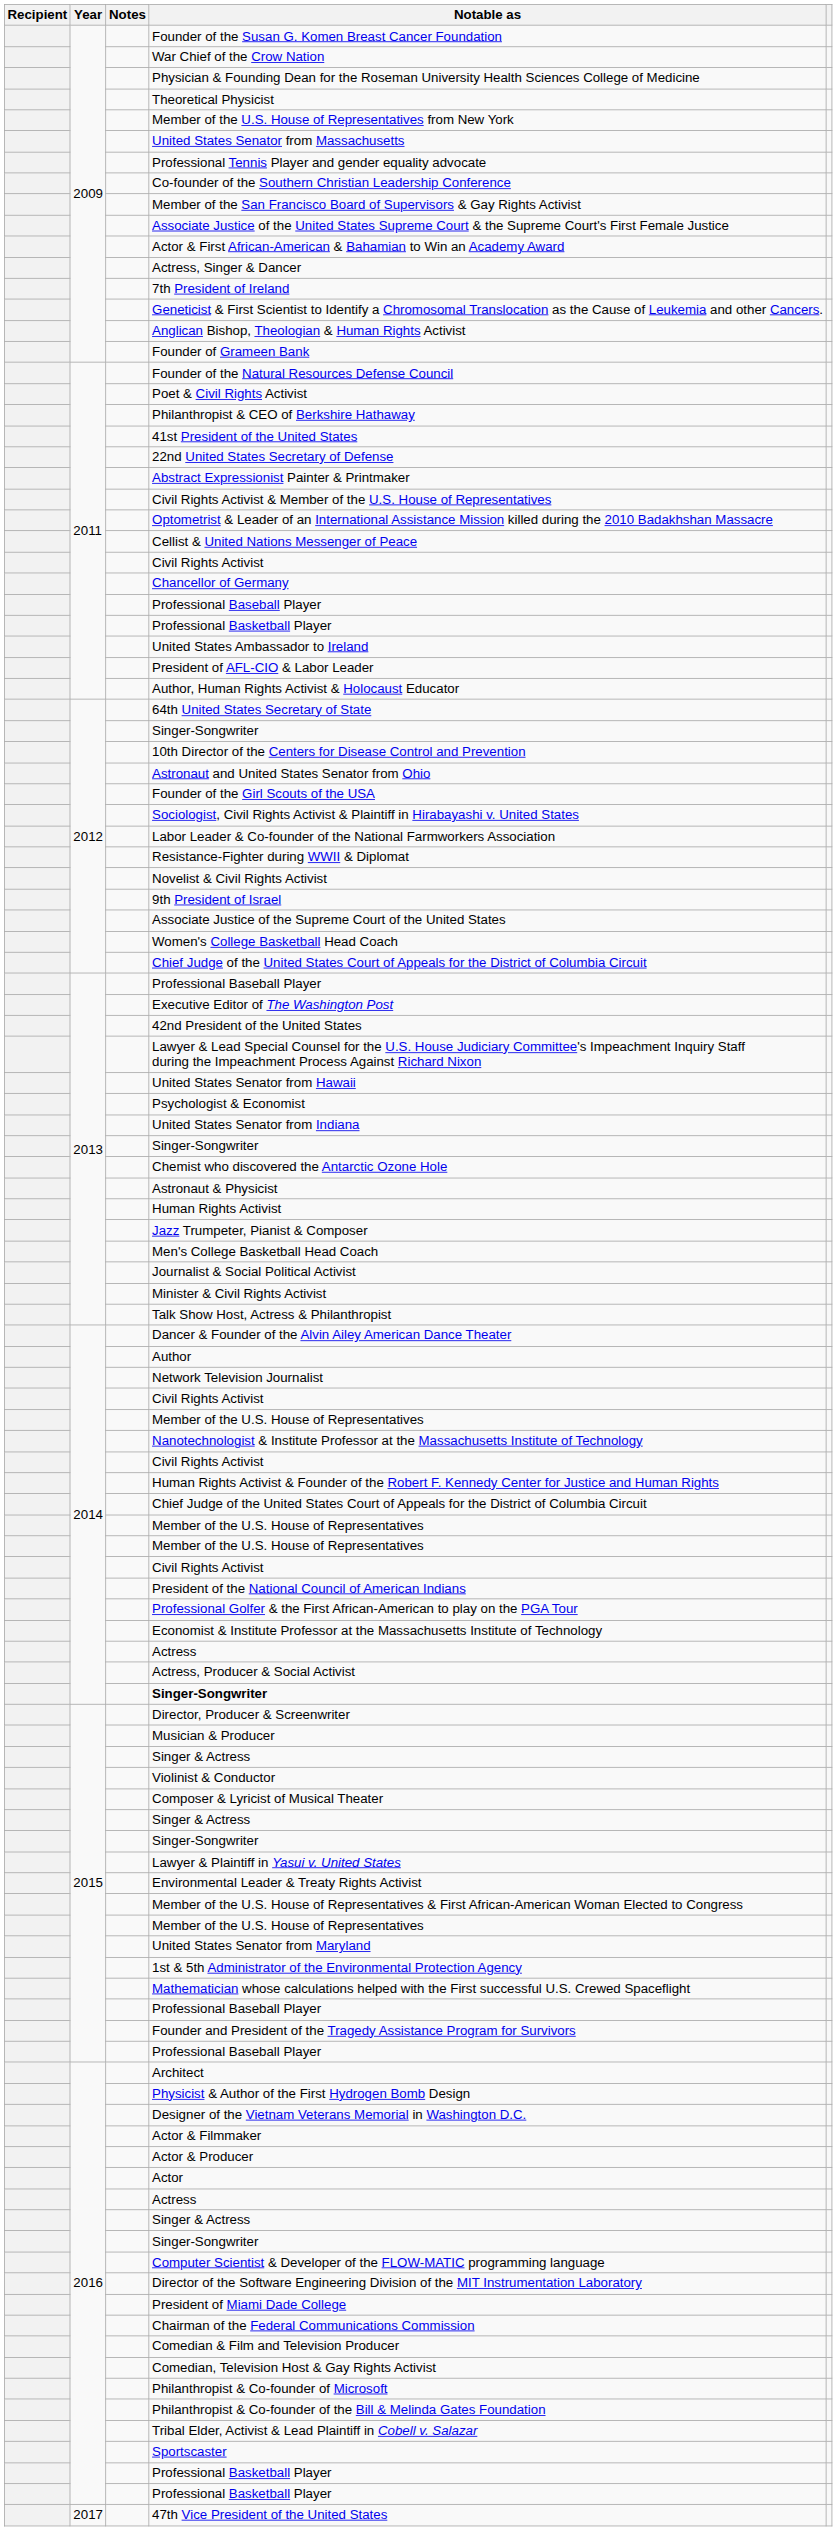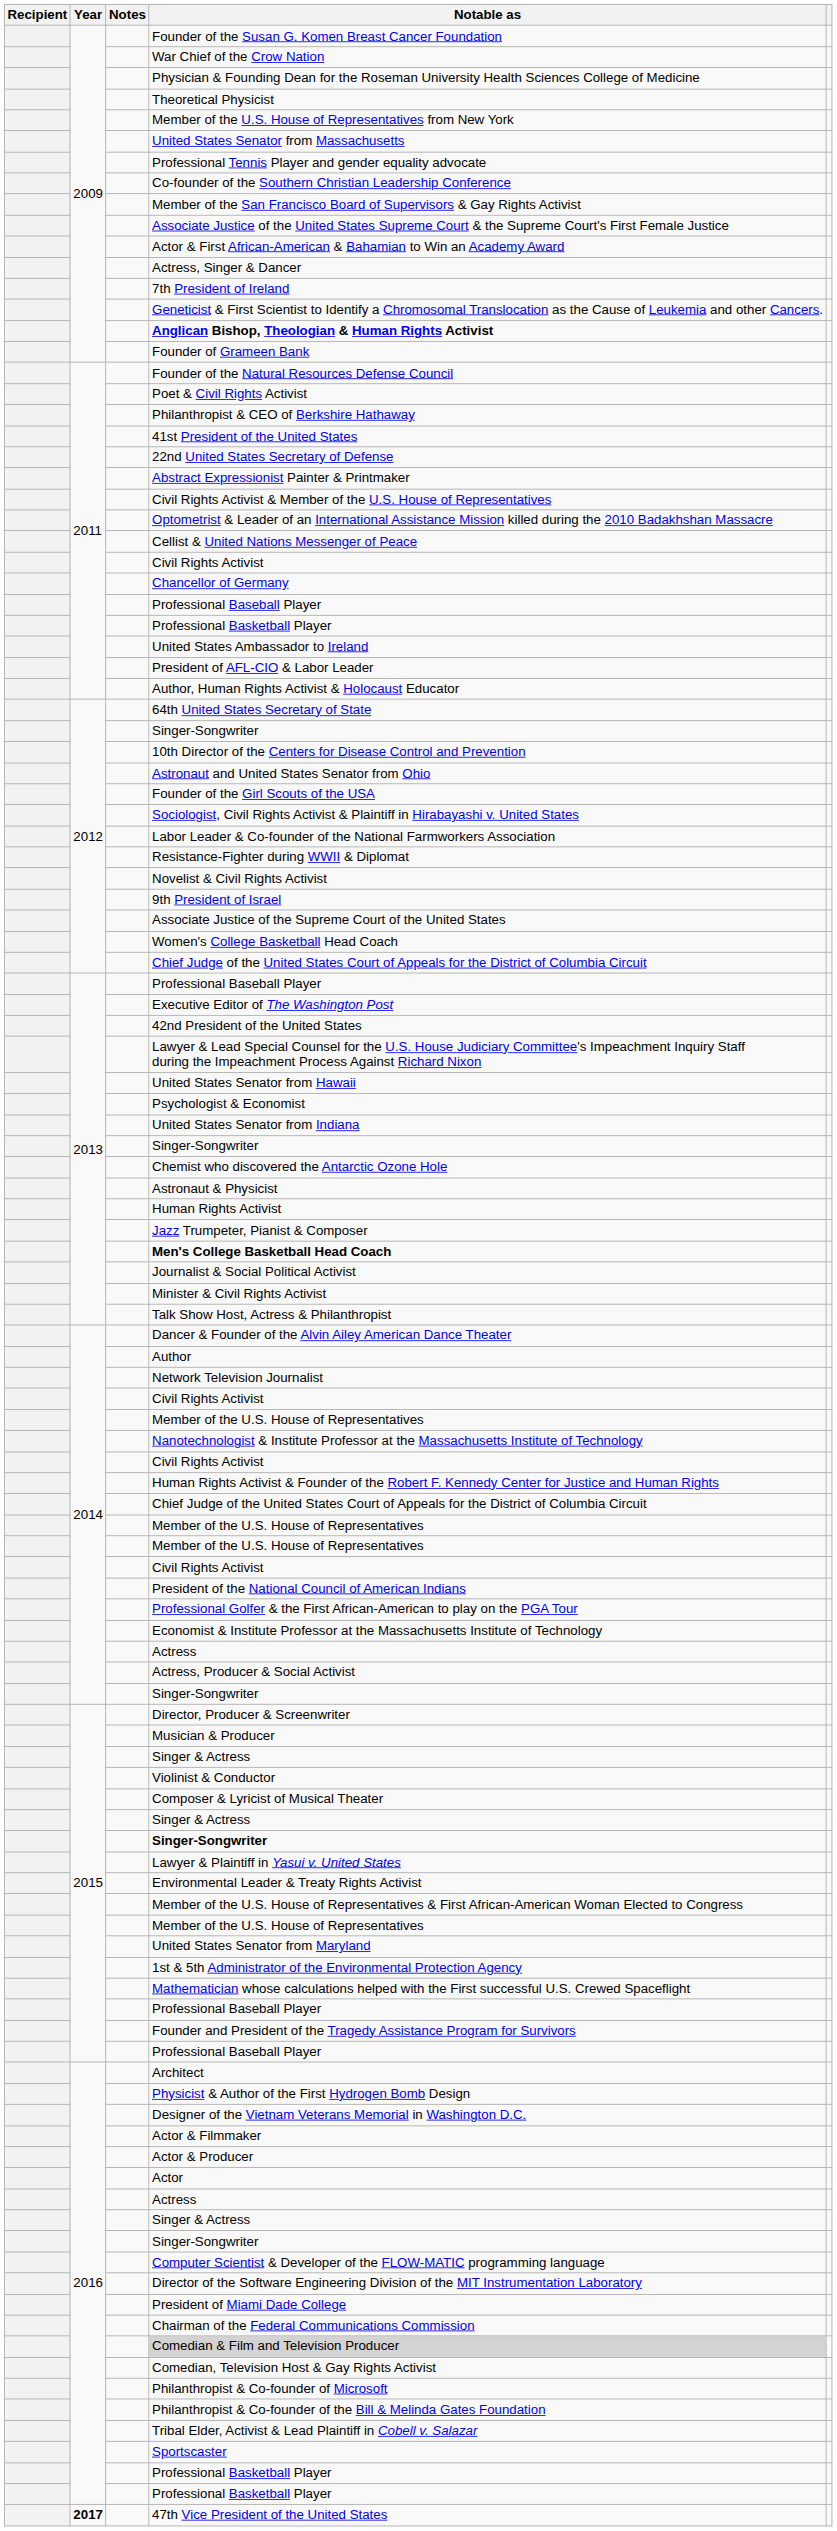 <table class="wikitable sortable plainrowheaders">
 <tr>
 <th>Recipient</th>
 <th>Year</th>
 <th>Notes</th>
 <th>Notable as</th>
 <th class="unsortable"></th>
 </tr>
 <tr>
 <th scope="row"></th>
 <td rowspan="16">2009</td>
 <td></td>
 <td>Founder of the <a href='#'>Susan G. Komen Breast Cancer Foundation</a></td>
 <td></td>
 </tr>
 <tr>
 <th scope="row"></th>
 <td></td>
 <td>War Chief of the <a href='#'>Crow Nation</a></td>
 <td></td>
 </tr>
 <tr>
 <th scope="row"></th>
 <td></td>
 <td>Physician & Founding Dean for the Roseman University Health Sciences College of Medicine</td>
 <td></td>
 </tr>
 <tr>
 <th scope="row"></th>
 <td></td>
 <td>Theoretical Physicist</td>
 <td></td>
 </tr>
 <tr>
 <th scope="row"></th>
 <td></td>
 <td>Member of the <a href='#'>U.S. House of Representatives</a> from New York</td>
 <td></td>
 </tr>
 <tr>
 <th scope="row"></th>
 <td></td>
 <td><a href='#'>United States Senator</a> from <a href='#'>Massachusetts</a></td>
 <td></td>
 </tr>
 <tr>
 <th scope="row"></th>
 <td></td>
 <td>Professional <a href='#'>Tennis</a> Player and gender equality advocate</td>
 <td></td>
 </tr>
 <tr>
 <th scope="row"></th>
 <td></td>
 <td>Co-founder of the <a href='#'>Southern Christian Leadership Conference</a></td>
 <td></td>
 </tr>
 <tr>
 <th scope="row"></th>
 <td></td>
 <td>Member of the <a href='#'>San Francisco Board of Supervisors</a> & Gay Rights Activist</td>
 <td></td>
 </tr>
 <tr>
 <th scope="row"></th>
 <td></td>
 <td><a href='#'>Associate Justice</a> of the <a href='#'>United States Supreme Court</a> & the Supreme Court's First Female Justice</td>
 <td></td>
 </tr>
 <tr>
 <th scope="row"></th>
 <td></td>
 <td>Actor & First <a href='#'>African-American</a> & <a href='#'>Bahamian</a> to Win an <a href='#'>Academy Award</a></td>
 <td></td>
 </tr>
 <tr>
 <th scope="row"></th>
 <td></td>
 <td>Actress, Singer & Dancer</td>
 <td></td>
 </tr>
 <tr>
 <th scope="row"></th>
 <td></td>
 <td>7th <a href='#'>President of Ireland</a></td>
 <td></td>
 </tr>
 <tr>
 <th scope="row"></th>
 <td></td>
 <td><a href='#'>Geneticist</a> & First Scientist to Identify a <a href='#'>Chromosomal Translocation</a> as the Cause of <a href='#'>Leukemia</a> and other <a href='#'>Cancers</a>.</td>
 <td></td>
 </tr>
 <tr>
 <th scope="row"></th>
 <td></td>
-<td><a href='#'>Anglican</a> Bishop, <a href='#'>Theologian</a> & <a href='#'>Human Rights</a> Activist</td>
+<td><strong><a href='#'>Anglican</a> Bishop, <a href='#'>Theologian</a> & <a href='#'>Human Rights</a> Activist</strong></td>
 <td></td>
 </tr>
 <tr>
 <th scope="row"></th>
 <td></td>
 <td>Founder of <a href='#'>Grameen Bank</a></td>
 <td></td>
 </tr>
 <tr>
 <th scope="row"></th>
 <td rowspan="16">2011</td>
 <td></td>
 <td>Founder of the <a href='#'>Natural Resources Defense Council</a></td>
 <td></td>
 </tr>
 <tr>
 <th scope="row"></th>
 <td></td>
 <td>Poet & <a href='#'>Civil Rights</a> Activist</td>
 <td></td>
 </tr>
 <tr>
 <th scope="row"></th>
 <td></td>
 <td>Philanthropist & CEO of <a href='#'>Berkshire Hathaway</a></td>
 <td></td>
 </tr>
 <tr>
 <th scope="row"></th>
 <td></td>
 <td>41st <a href='#'>President of the United States</a></td>
 <td></td>
 </tr>
 <tr>
 <th scope="row"></th>
 <td></td>
 <td>22nd <a href='#'>United States Secretary of Defense</a></td>
 <td></td>
 </tr>
 <tr>
 <th scope="row"></th>
 <td></td>
 <td><a href='#'>Abstract Expressionist</a> Painter & Printmaker</td>
 <td></td>
 </tr>
 <tr>
 <th scope="row"></th>
 <td></td>
 <td>Civil Rights Activist & Member of the <a href='#'>U.S. House of Representatives</a></td>
 <td></td>
 </tr>
 <tr>
 <th scope="row"></th>
 <td></td>
 <td><a href='#'>Optometrist</a> & Leader of an <a href='#'>International Assistance Mission</a> killed during the <a href='#'>2010 Badakhshan Massacre</a></td>
 <td></td>
 </tr>
 <tr>
 <th scope="row"></th>
 <td></td>
 <td>Cellist & <a href='#'>United Nations Messenger of Peace</a></td>
 <td></td>
 </tr>
 <tr>
 <th scope="row"></th>
 <td></td>
 <td>Civil Rights Activist</td>
 <td></td>
 </tr>
 <tr>
 <th scope="row"></th>
 <td></td>
 <td><a href='#'>Chancellor of Germany</a></td>
 <td></td>
 </tr>
 <tr>
 <th scope="row"></th>
 <td></td>
 <td>Professional <a href='#'>Baseball</a> Player</td>
 <td></td>
 </tr>
 <tr>
 <th scope="row"></th>
 <td></td>
 <td>Professional <a href='#'>Basketball</a> Player</td>
 <td></td>
 </tr>
 <tr>
 <th scope="row"></th>
 <td></td>
 <td>United States Ambassador to <a href='#'>Ireland</a></td>
 <td></td>
 </tr>
 <tr>
 <th scope="row"></th>
 <td></td>
 <td>President of <a href='#'>AFL-CIO</a> & Labor Leader</td>
 <td></td>
 </tr>
 <tr>
 <th scope="row"></th>
 <td></td>
 <td>Author, Human Rights Activist & <a href='#'>Holocaust</a> Educator</td>
 <td></td>
 </tr>
 <tr>
 <th scope="row"></th>
 <td rowspan="13">2012</td>
 <td></td>
 <td>64th <a href='#'>United States Secretary of State</a></td>
 <td></td>
 </tr>
 <tr>
 <th scope="row"></th>
 <td></td>
 <td>Singer-Songwriter</td>
 <td></td>
 </tr>
 <tr>
 <th scope="row"></th>
 <td></td>
 <td>10th Director of the <a href='#'>Centers for Disease Control and Prevention</a></td>
 <td></td>
 </tr>
 <tr>
 <th scope="row"></th>
 <td></td>
 <td><a href='#'>Astronaut</a> and United States Senator from <a href='#'>Ohio</a></td>
 <td></td>
 </tr>
 <tr>
 <th scope="row"></th>
 <td></td>
 <td>Founder of the <a href='#'>Girl Scouts of the USA</a></td>
 <td></td>
 </tr>
 <tr>
 <th scope="row"></th>
 <td></td>
 <td><a href='#'>Sociologist</a>, Civil Rights Activist & Plaintiff in <a href='#'>Hirabayashi v. United States</a></td>
 <td></td>
 </tr>
 <tr>
 <th scope="row"></th>
 <td></td>
 <td>Labor Leader & Co-founder of the National Farmworkers Association</td>
 <td></td>
 </tr>
 <tr>
 <th scope="row"></th>
 <td></td>
 <td>Resistance-Fighter during <a href='#'>WWII</a> & Diplomat</td>
 <td></td>
 </tr>
 <tr>
 <th scope="row"></th>
 <td></td>
 <td>Novelist & Civil Rights Activist</td>
 <td></td>
 </tr>
 <tr>
 <th scope="row"></th>
 <td></td>
 <td>9th <a href='#'>President of Israel</a></td>
 <td></td>
 </tr>
 <tr>
 <th scope="row"></th>
 <td></td>
 <td>Associate Justice of the Supreme Court of the United States</td>
 <td></td>
 </tr>
 <tr>
 <th scope="row"></th>
 <td></td>
 <td>Women's <a href='#'>College Basketball</a> Head Coach</td>
 <td></td>
 </tr>
 <tr>
 <th scope="row"></th>
 <td></td>
 <td><a href='#'>Chief Judge</a> of the <a href='#'>United States Court of Appeals for the District of Columbia Circuit</a></td>
 <td></td>
 </tr>
 <tr>
 <th scope="row"></th>
 <td rowspan="16">2013</td>
 <td></td>
 <td>Professional Baseball Player</td>
 <td></td>
 </tr>
 <tr>
 <th scope="row"></th>
 <td></td>
 <td>Executive Editor of <em><a href='#'>The Washington Post</a></em></td>
 <td></td>
 </tr>
 <tr>
 <th scope="row"></th>
 <td></td>
 <td>42nd President of the United States</td>
 <td></td>
 </tr>
 <tr>
 <th scope="row"></th>
 <td></td>
 <td>Lawyer & Lead Special Counsel for the <a href='#'>U.S. House Judiciary Committee</a>'s Impeachment Inquiry Staff <br> during the Impeachment Process Against <a href='#'>Richard Nixon</a></td>
 <td></td>
 </tr>
 <tr>
 <th scope="row"></th>
 <td></td>
 <td>United States Senator from <a href='#'>Hawaii</a></td>
 <td></td>
 </tr>
 <tr>
 <th scope="row"></th>
 <td></td>
 <td>Psychologist & Economist</td>
 <td></td>
 </tr>
 <tr>
 <th scope="row"></th>
 <td></td>
 <td>United States Senator from <a href='#'>Indiana</a></td>
 <td></td>
 </tr>
 <tr>
 <th scope="row"></th>
 <td></td>
 <td>Singer-Songwriter</td>
 <td></td>
 </tr>
 <tr>
 <th scope="row"></th>
 <td></td>
 <td>Chemist who discovered the <a href='#'>Antarctic Ozone Hole</a></td>
 <td></td>
 </tr>
 <tr>
 <th scope="row"></th>
 <td></td>
 <td>Astronaut & Physicist</td>
 <td></td>
 </tr>
 <tr>
 <th scope="row"></th>
 <td></td>
 <td>Human Rights Activist</td>
 <td></td>
 </tr>
 <tr>
 <th scope="row"></th>
 <td></td>
 <td><a href='#'>Jazz</a> Trumpeter, Pianist & Composer</td>
 <td></td>
 </tr>
 <tr>
 <th scope="row"></th>
 <td></td>
-<td>Men's College Basketball Head Coach</td>
+<td><strong>Men's College Basketball Head Coach</strong></td>
 <td></td>
 </tr>
 <tr>
 <th scope="row"></th>
 <td></td>
 <td>Journalist & Social Political Activist</td>
 <td></td>
 </tr>
 <tr>
 <th scope="row"></th>
 <td></td>
 <td>Minister & Civil Rights Activist</td>
 <td></td>
 </tr>
 <tr>
 <th scope="row"></th>
 <td></td>
 <td>Talk Show Host, Actress & Philanthropist</td>
 <td></td>
 </tr>
 <tr>
 <th scope="row"></th>
 <td rowspan="18">2014</td>
 <td></td>
 <td>Dancer & Founder of the <a href='#'>Alvin Ailey American Dance Theater</a></td>
 <td></td>
 </tr>
 <tr>
 <th scope="row"></th>
 <td></td>
 <td>Author</td>
 <td></td>
 </tr>
 <tr>
 <th scope="row"></th>
 <td></td>
 <td>Network Television Journalist</td>
 <td></td>
 </tr>
 <tr>
 <th scope="row"></th>
 <td></td>
 <td>Civil Rights Activist</td>
 <td></td>
 </tr>
 <tr>
 <th scope="row"></th>
 <td></td>
 <td>Member of the U.S. House of Representatives</td>
 <td></td>
 </tr>
 <tr>
 <th scope="row"></th>
 <td></td>
 <td><a href='#'>Nanotechnologist</a> & Institute Professor at the <a href='#'>Massachusetts Institute of Technology</a></td>
 <td></td>
 </tr>
 <tr>
 <th scope="row"></th>
 <td></td>
 <td>Civil Rights Activist</td>
 <td></td>
 </tr>
 <tr>
 <th scope="row"></th>
 <td></td>
 <td>Human Rights Activist & Founder of the <a href='#'>Robert F. Kennedy Center for Justice and Human Rights</a></td>
 <td></td>
 </tr>
 <tr>
 <th scope="row"></th>
 <td></td>
 <td>Chief Judge of the United States Court of Appeals for the District of Columbia Circuit</td>
 <td></td>
 </tr>
 <tr>
 <th scope="row"></th>
 <td></td>
 <td>Member of the U.S. House of Representatives</td>
 <td></td>
 </tr>
 <tr>
 <th scope="row"></th>
 <td></td>
 <td>Member of the U.S. House of Representatives</td>
 <td></td>
 </tr>
 <tr>
 <th scope="row"></th>
 <td></td>
 <td>Civil Rights Activist</td>
 <td></td>
 </tr>
 <tr>
 <th scope="row"></th>
 <td></td>
 <td>President of the <a href='#'>National Council of American Indians</a></td>
 <td></td>
 </tr>
 <tr>
 <th scope="row"></th>
 <td></td>
 <td><a href='#'>Professional Golfer</a> & the First African-American to play on the <a href='#'>PGA Tour</a></td>
 <td></td>
 </tr>
 <tr>
 <th scope="row"></th>
 <td></td>
 <td>Economist & Institute Professor at the Massachusetts Institute of Technology</td>
 <td></td>
 </tr>
 <tr>
 <th scope="row"></th>
 <td></td>
 <td>Actress</td>
 <td></td>
 </tr>
 <tr>
 <th scope="row"></th>
 <td></td>
 <td>Actress, Producer & Social Activist</td>
 <td></td>
 </tr>
 <tr>
 <th scope="row"></th>
 <td></td>
-<td><strong>Singer-Songwriter</strong></td>
+<td>Singer-Songwriter</td>
 <td></td>
 </tr>
 <tr>
 <th scope="row"></th>
 <td rowspan="17">2015</td>
 <td></td>
 <td>Director, Producer & Screenwriter</td>
 <td></td>
 </tr>
 <tr>
 <th scope="row"></th>
 <td></td>
 <td>Musician & Producer</td>
 <td></td>
 </tr>
 <tr>
 <th scope="row"></th>
 <td></td>
 <td>Singer & Actress</td>
 <td></td>
 </tr>
 <tr>
 <th scope="row"></th>
 <td></td>
 <td>Violinist & Conductor</td>
 <td></td>
 </tr>
 <tr>
 <th scope="row"></th>
 <td></td>
 <td>Composer & Lyricist of Musical Theater</td>
 <td></td>
 </tr>
 <tr>
 <th scope="row"></th>
 <td></td>
 <td>Singer & Actress</td>
 <td></td>
 </tr>
 <tr>
 <th scope="row"></th>
 <td></td>
-<td>Singer-Songwriter</td>
+<td><strong>Singer-Songwriter</strong></td>
 <td></td>
 </tr>
 <tr>
 <th scope="row"></th>
 <td></td>
 <td>Lawyer & Plaintiff in <em><a href='#'>Yasui v. United States</a></em></td>
 <td></td>
 </tr>
 <tr>
 <th scope="row"></th>
 <td></td>
 <td>Environmental Leader & Treaty Rights Activist</td>
 <td></td>
 </tr>
 <tr>
 <th scope="row"></th>
 <td></td>
 <td>Member of the U.S. House of Representatives & First African-American Woman Elected to Congress</td>
 <td></td>
 </tr>
 <tr>
 <th scope="row"></th>
 <td></td>
 <td>Member of the U.S. House of Representatives</td>
 <td></td>
 </tr>
 <tr>
 <th scope="row"></th>
 <td></td>
 <td>United States Senator from <a href='#'>Maryland</a></td>
 <td></td>
 </tr>
 <tr>
 <th scope="row"></th>
 <td></td>
 <td>1st & 5th <a href='#'>Administrator of the Environmental Protection Agency</a></td>
 <td></td>
 </tr>
 <tr>
 <th scope="row"></th>
 <td></td>
 <td><a href='#'>Mathematician</a> whose calculations helped with the First successful U.S. Crewed Spaceflight</td>
 <td></td>
 </tr>
 <tr>
 <th scope="row"></th>
 <td></td>
 <td>Professional Baseball Player</td>
 <td></td>
 </tr>
 <tr>
 <th scope="row"></th>
 <td></td>
 <td>Founder and President of the <a href='#'>Tragedy Assistance Program for Survivors</a></td>
 <td></td>
 </tr>
 <tr>
 <th scope="row"></th>
 <td></td>
 <td>Professional Baseball Player</td>
 <td></td>
 </tr>
 <tr>
 <th scope="row"></th>
 <td rowspan="21">2016</td>
 <td></td>
 <td>Architect</td>
 <td></td>
 </tr>
 <tr>
 <th scope="row"></th>
 <td></td>
 <td><a href='#'>Physicist</a> & Author of the First <a href='#'>Hydrogen Bomb</a> Design</td>
 <td></td>
 </tr>
 <tr>
 <th scope="row"></th>
 <td></td>
 <td>Designer of the <a href='#'>Vietnam Veterans Memorial</a> in <a href='#'>Washington D.C.</a></td>
 <td></td>
 </tr>
 <tr>
 <th scope="row"></th>
 <td></td>
 <td>Actor & Filmmaker</td>
 <td></td>
 </tr>
 <tr>
 <th scope="row"></th>
 <td></td>
 <td>Actor & Producer</td>
 <td></td>
 </tr>
 <tr>
 <th scope="row"></th>
 <td></td>
 <td>Actor</td>
 <td></td>
 </tr>
 <tr>
 <th scope="row"></th>
 <td></td>
 <td>Actress</td>
 <td></td>
 </tr>
 <tr>
 <th scope="row"></th>
 <td></td>
 <td>Singer & Actress</td>
 <td></td>
 </tr>
 <tr>
 <th scope="row"></th>
 <td></td>
 <td>Singer-Songwriter</td>
 <td></td>
 </tr>
 <tr>
 <th scope="row"></th>
 <td></td>
 <td><a href='#'>Computer Scientist</a> & Developer of the <a href='#'>FLOW-MATIC</a> programming language</td>
 <td></td>
 </tr>
 <tr>
 <th scope="row"></th>
 <td></td>
 <td>Director of the Software Engineering Division of the <a href='#'>MIT Instrumentation Laboratory</a></td>
 <td></td>
 </tr>
 <tr>
 <th scope="row"></th>
 <td></td>
 <td>President of <a href='#'>Miami Dade College</a></td>
 <td></td>
 </tr>
 <tr>
 <th scope="row"></th>
 <td></td>
 <td>Chairman of the <a href='#'>Federal Communications Commission</a></td>
 <td></td>
 </tr>
 <tr>
 <th scope="row"></th>
 <td></td>
-<td>Comedian & Film and Television Producer</td>
+<td style="background: lightgrey;">Comedian & Film and Television Producer</td>
 <td></td>
 </tr>
 <tr>
 <th scope="row"></th>
 <td></td>
 <td>Comedian, Television Host & Gay Rights Activist</td>
 <td></td>
 </tr>
 <tr>
 <th scope="row"></th>
 <td></td>
 <td>Philanthropist & Co-founder of <a href='#'>Microsoft</a></td>
 <td></td>
 </tr>
 <tr>
 <th scope="row"></th>
 <td></td>
 <td>Philanthropist & Co-founder of the <a href='#'>Bill & Melinda Gates Foundation</a></td>
 <td></td>
 </tr>
 <tr>
 <th scope="row"></th>
 <td></td>
 <td>Tribal Elder, Activist & Lead Plaintiff in <em><a href='#'>Cobell v. Salazar</a></em></td>
 <td></td>
 </tr>
 <tr>
 <th scope="row"></th>
 <td></td>
 <td><a href='#'>Sportscaster</a></td>
 <td></td>
 </tr>
 <tr>
 <th scope="row"></th>
 <td></td>
 <td>Professional <a href='#'>Basketball</a> Player</td>
 <td></td>
 </tr>
 <tr>
 <th scope="row"></th>
 <td></td>
 <td>Professional <a href='#'>Basketball</a> Player</td>
 <td></td>
 </tr>
 <tr>
 <th scope="row"></th>
-<td>2017</td>
+<td><strong>2017</strong></td>
 <td></td>
 <td>47th <a href='#'>Vice President of the United States</a></td>
 <td></td>
 </tr>
 </table>
